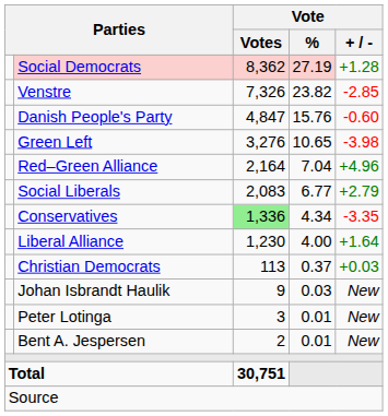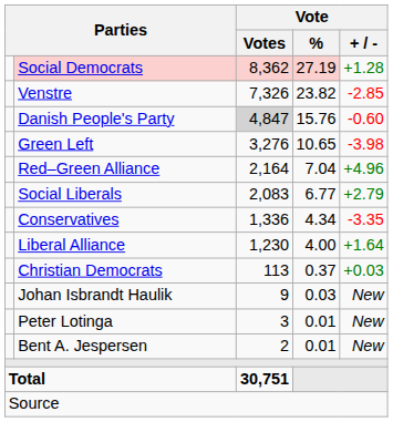 <table class="wikitable" style="text-align:right;">
 <tr>
 <th style="text-align:centre;" rowspan="2" colspan="2" width="225">Parties</th>
 <th colspan="3">Vote</th>
 </tr>
 <tr>
 <th width="15">Votes</th>
 <th width="15">%</th>
 <th width="15">+ / -</th>
 </tr>
 <tr>
 <td width="2" style="color:inherit;background:"></td>
 <td bgcolor=#fbd0ce  align="left"><a href='#'>Social Democrats</a></td>
 <td bgcolor=#fbd0ce>8,362</td>
 <td bgcolor=#fbd0ce>27.19</td>
 <td style=color:green;>+1.28</td>
 </tr>
 <tr>
 <td width="2" style="color:inherit;background:"></td>
 <td align="left"><a href='#'>Venstre</a></td>
 <td>7,326</td>
 <td>23.82</td>
 <td style=color:red;>-2.85</td>
 </tr>
 <tr>
 <td width="2" style="color:inherit;background:"></td>
 <td align="left"><a href='#'>Danish People's Party</a></td>
-<td>4,847</td>
+<td style="background: lightgrey;">4,847</td>
 <td>15.76</td>
 <td style=color:red;>-0.60</td>
 </tr>
 <tr>
 <td width="2" style="color:inherit;background:"></td>
 <td align="left"><a href='#'>Green Left</a></td>
 <td>3,276</td>
 <td>10.65</td>
 <td style=color:red;>-3.98</td>
 </tr>
 <tr>
 <td width="2" style="color:inherit;background:"></td>
 <td align="left"><a href='#'>Red–Green Alliance</a></td>
 <td>2,164</td>
 <td>7.04</td>
 <td style=color:green;>+4.96</td>
 </tr>
 <tr>
 <td width="2" style="color:inherit;background:"></td>
 <td align="left"><a href='#'>Social Liberals</a></td>
 <td>2,083</td>
 <td>6.77</td>
 <td style=color:green;>+2.79</td>
 </tr>
 <tr>
 <td width="2" style="color:inherit;background:"></td>
 <td align="left"><a href='#'>Conservatives</a></td>
-<td style="background: lightgreen;">1,336</td>
+<td>1,336</td>
 <td>4.34</td>
 <td style=color:red;>-3.35</td>
 </tr>
 <tr>
 <td width="2" style="color:inherit;background:"></td>
 <td align="left"><a href='#'>Liberal Alliance</a></td>
 <td>1,230</td>
 <td>4.00</td>
 <td style=color:green;>+1.64</td>
 </tr>
 <tr>
 <td width="2" style="color:inherit;background:"></td>
 <td align="left"><a href='#'>Christian Democrats</a></td>
 <td>113</td>
 <td>0.37</td>
 <td style=color:green;>+0.03</td>
 </tr>
 <tr>
 <td width="2" style="color:inherit;background:"></td>
 <td align="left">Johan Isbrandt Haulik</td>
 <td>9</td>
 <td>0.03</td>
 <td><em>New</em></td>
 </tr>
 <tr>
 <td width="2" style="color:inherit;background:"></td>
 <td align="left">Peter Lotinga</td>
 <td>3</td>
 <td>0.01</td>
 <td><em>New</em></td>
 </tr>
 <tr>
 <td width="2" style="color:inherit;background:"></td>
 <td align="left">Bent A. Jespersen</td>
 <td>2</td>
 <td>0.01</td>
 <td><em>New</em></td>
 </tr>
 <tr>
 <td colspan="7" bgcolor="#E9E9E9"></td>
 </tr>
 <tr>
 <td align="left" colspan="2"><strong>Total</strong></td>
 <td><strong>30,751</strong></td>
 <td bgcolor="#E9E9E9" colspan="2"></td>
 </tr>
 <tr>
 <td align="left" colspan="6">Source</td>
 </tr>
 </table>
